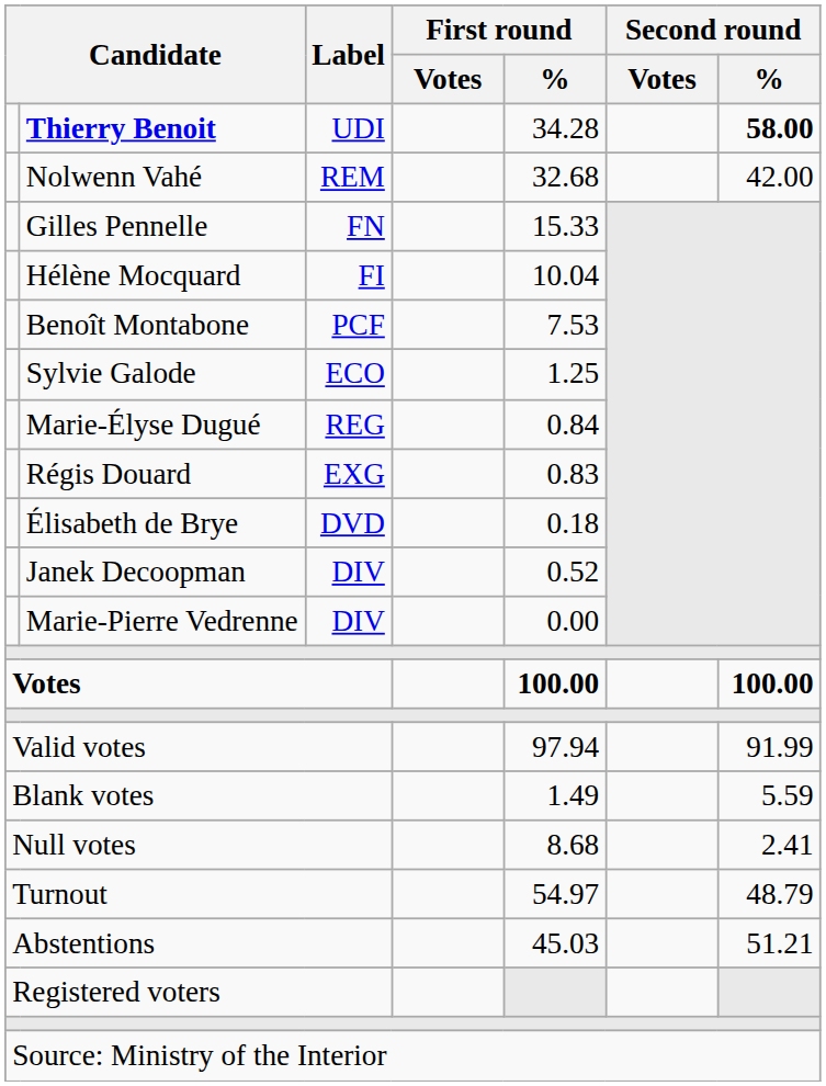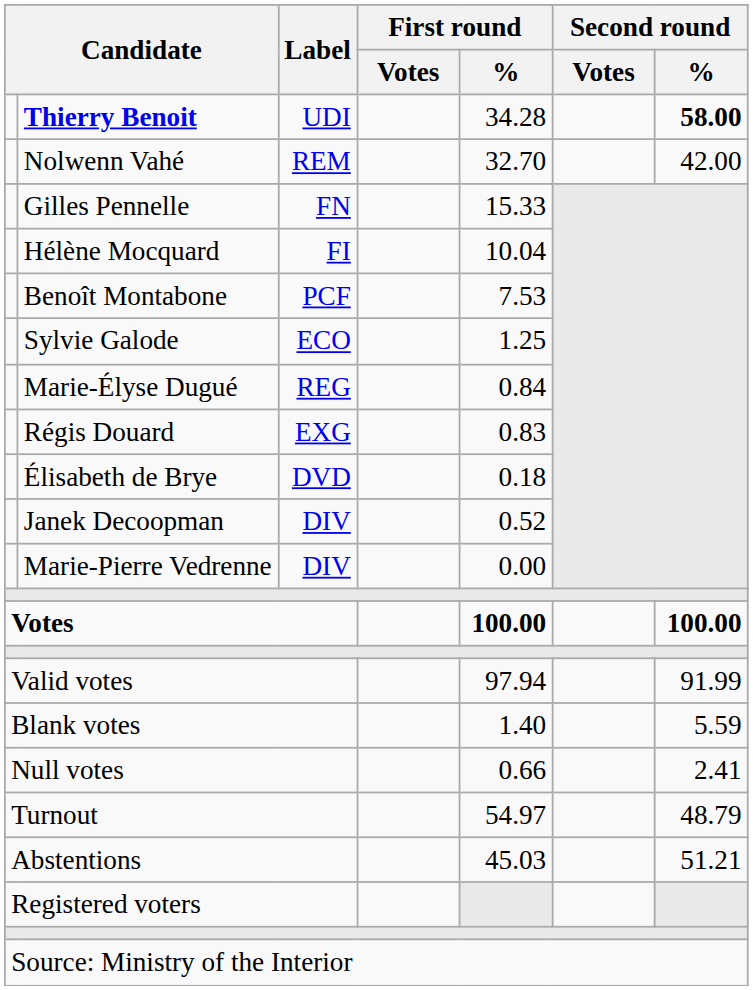 <table class="wikitable" style="text-align:right;font-size:95%;">
 <tr>
 <th rowspan="2" colspan="2">Candidate</th>
 <th rowspan="2">Label</th>
 <th colspan="2">First round</th>
 <th colspan="2">Second round</th>
 </tr>
 <tr>
 <th style="width:50px;">Votes</th>
 <th style="width:45px;">%</th>
 <th style="width:50px;">Votes</th>
 <th style="width:45px;">%</th>
 </tr>
 <tr>
 <td style="color:inherit;background:"></td>
 <td style="text-align:left;"><strong><a href='#'>Thierry Benoit</a></strong></td>
 <td><a href='#'>UDI</a></td>
 <td></td>
 <td>34.28</td>
 <td><strong></strong></td>
 <td><strong>58.00</strong></td>
 </tr>
 <tr>
 <td style="color:inherit;background:"></td>
 <td style="text-align:left;">Nolwenn Vahé</td>
 <td><a href='#'>REM</a></td>
 <td></td>
-<td>32.68</td>
+<td>32.70</td>
 <td></td>
 <td>42.00</td>
 </tr>
 <tr>
 <td style="color:inherit;background:"></td>
 <td style="text-align:left;">Gilles Pennelle</td>
 <td><a href='#'>FN</a></td>
 <td></td>
 <td>15.33</td>
 <td colspan="2" rowspan="9" style="background:#E9E9E9;"></td>
 </tr>
 <tr>
 <td style="color:inherit;background:"></td>
 <td style="text-align:left;">Hélène Mocquard</td>
 <td><a href='#'>FI</a></td>
 <td></td>
 <td>10.04</td>
 </tr>
 <tr>
 <td style="color:inherit;background:"></td>
 <td style="text-align:left;">Benoît Montabone</td>
 <td><a href='#'>PCF</a></td>
 <td></td>
 <td>7.53</td>
 </tr>
 <tr>
 <td style="color:inherit;background:"></td>
 <td style="text-align:left;">Sylvie Galode</td>
 <td><a href='#'>ECO</a></td>
 <td></td>
 <td>1.25</td>
 </tr>
 <tr>
 <td style="color:inherit;background:"></td>
 <td style="text-align:left;">Marie-Élyse Dugué</td>
 <td><a href='#'>REG</a></td>
 <td></td>
 <td>0.84</td>
 </tr>
 <tr>
 <td style="color:inherit;background:"></td>
 <td style="text-align:left;">Régis Douard</td>
 <td><a href='#'>EXG</a></td>
 <td></td>
 <td>0.83</td>
 </tr>
 <tr>
 <td style="color:inherit;background:"></td>
 <td style="text-align:left;">Élisabeth de Brye</td>
 <td><a href='#'>DVD</a></td>
 <td></td>
 <td>0.18</td>
 </tr>
 <tr>
 <td style="color:inherit;background:"></td>
 <td style="text-align:left;">Janek Decoopman</td>
 <td><a href='#'>DIV</a></td>
 <td></td>
 <td>0.52</td>
 </tr>
 <tr>
 <td style="color:inherit;background:"></td>
 <td style="text-align:left;">Marie-Pierre Vedrenne</td>
 <td><a href='#'>DIV</a></td>
 <td></td>
 <td>0.00</td>
 </tr>
 <tr>
 <td colspan="7" style="background:#E9E9E9;"></td>
 </tr>
 <tr style="font-weight:bold;">
 <td colspan="3" style="text-align:left;">Votes</td>
 <td></td>
 <td>100.00</td>
 <td></td>
 <td>100.00</td>
 </tr>
 <tr>
 <td colspan="7" style="background:#E9E9E9;"></td>
 </tr>
 <tr>
 <td colspan="3" style="text-align:left;">Valid votes</td>
 <td></td>
 <td>97.94</td>
 <td></td>
 <td>91.99</td>
 </tr>
 <tr>
 <td colspan="3" style="text-align:left;">Blank votes</td>
 <td></td>
-<td>1.49</td>
+<td>1.40</td>
 <td></td>
 <td>5.59</td>
 </tr>
 <tr>
 <td colspan="3" style="text-align:left;">Null votes</td>
 <td></td>
-<td>8.68</td>
+<td>0.66</td>
 <td></td>
 <td>2.41</td>
 </tr>
 <tr>
 <td colspan="3" style="text-align:left;">Turnout</td>
 <td></td>
 <td>54.97</td>
 <td></td>
 <td>48.79</td>
 </tr>
 <tr>
 <td colspan="3" style="text-align:left;">Abstentions</td>
 <td></td>
 <td>45.03</td>
 <td></td>
 <td>51.21</td>
 </tr>
 <tr>
 <td colspan="3" style="text-align:left;">Registered voters</td>
 <td></td>
 <td style="color:inherit;background:#E9E9E9;"></td>
 <td></td>
 <td style="color:inherit;background:#E9E9E9;"></td>
 </tr>
 <tr>
 <td colspan="7" style="background:#E9E9E9;"></td>
 </tr>
 <tr>
 <td colspan="7" style="text-align:left;">Source: Ministry of the Interior</td>
 </tr>
 </table>
